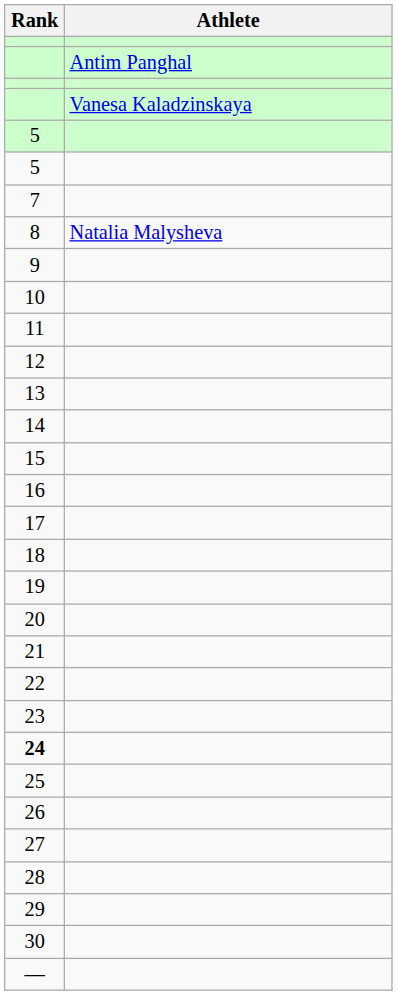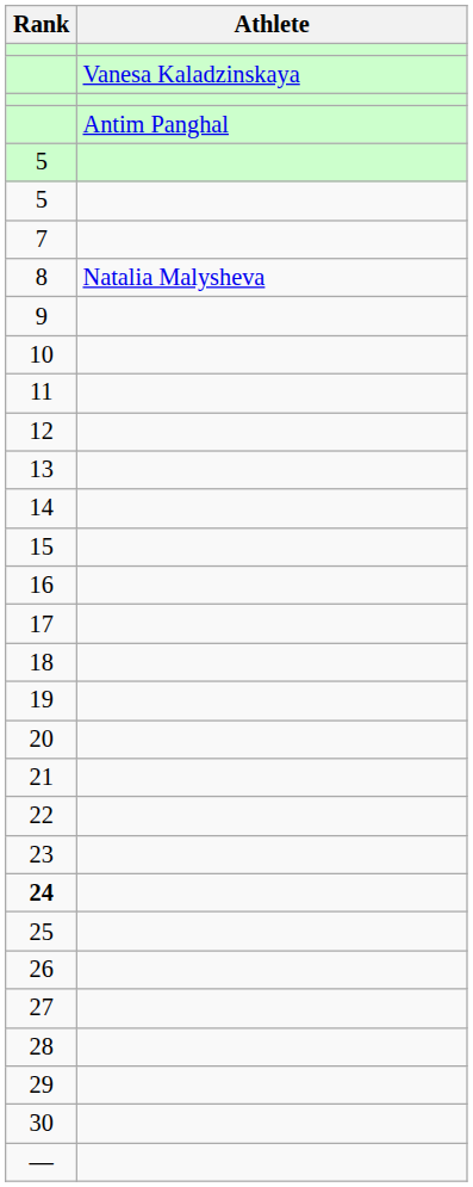 <table class="wikitable" style="text-align: center;">
 <tr>
 <th width=40>Rank</th>
 <th width=250>Athlete</th>
 </tr>
 <tr bgcolor=#ccffcc>
 <td></td>
 <td align="left"></td>
 </tr>
 <tr bgcolor=#ccffcc>
 <td></td>
-<td align="left"> <a href='#'>Antim Panghal</a> </td>
+<td align="left"> <a href='#'>Vanesa Kaladzinskaya</a> </td>
 </tr>
 <tr bgcolor=#ccffcc>
 <td></td>
 <td align="left"></td>
 </tr>
 <tr bgcolor=#ccffcc>
 <td></td>
-<td align="left"> <a href='#'>Vanesa Kaladzinskaya</a> </td>
+<td align="left"> <a href='#'>Antim Panghal</a> </td>
 </tr>
 <tr bgcolor=#ccffcc>
 <td>5</td>
 <td align="left"></td>
 </tr>
 <tr>
 <td>5</td>
 <td align="left"></td>
 </tr>
 <tr>
 <td>7</td>
 <td align="left"></td>
 </tr>
 <tr>
 <td>8</td>
 <td align="left"> <a href='#'>Natalia Malysheva</a> </td>
 </tr>
 <tr>
 <td>9</td>
 <td align="left"></td>
 </tr>
 <tr>
 <td>10</td>
 <td align="left"></td>
 </tr>
 <tr>
 <td>11</td>
 <td align="left"></td>
 </tr>
 <tr>
 <td>12</td>
 <td align="left"></td>
 </tr>
 <tr>
 <td>13</td>
 <td align="left"></td>
 </tr>
 <tr>
 <td>14</td>
 <td align="left"></td>
 </tr>
 <tr>
 <td>15</td>
 <td align="left"></td>
 </tr>
 <tr>
 <td>16</td>
 <td align="left"></td>
 </tr>
 <tr>
 <td>17</td>
 <td align="left"></td>
 </tr>
 <tr>
 <td>18</td>
 <td align="left"></td>
 </tr>
 <tr>
 <td>19</td>
 <td align="left"></td>
 </tr>
 <tr>
 <td>20</td>
 <td align="left"></td>
 </tr>
 <tr>
 <td>21</td>
 <td align="left"></td>
 </tr>
 <tr>
 <td>22</td>
 <td align="left"></td>
 </tr>
 <tr>
 <td>23</td>
 <td align="left"></td>
 </tr>
 <tr>
 <td><strong>24</strong></td>
 <td align="left"></td>
 </tr>
 <tr>
 <td>25</td>
 <td align="left"></td>
 </tr>
 <tr>
 <td>26</td>
 <td align="left"></td>
 </tr>
 <tr>
 <td>27</td>
 <td align="left"></td>
 </tr>
 <tr>
 <td>28</td>
 <td align="left"></td>
 </tr>
 <tr>
 <td>29</td>
 <td align="left"></td>
 </tr>
 <tr>
 <td>30</td>
 <td align="left"></td>
 </tr>
 <tr>
 <td>—</td>
 <td align="left"></td>
 </tr>
 </table>
